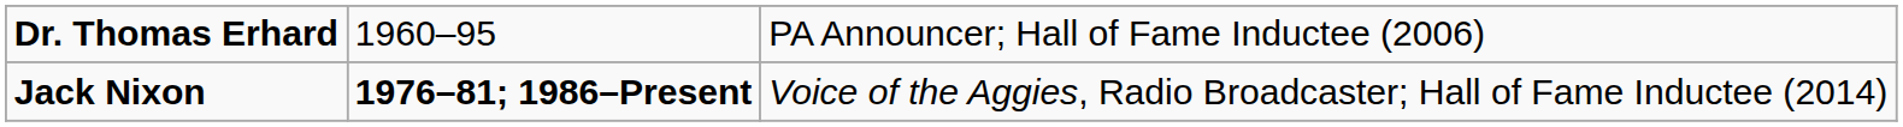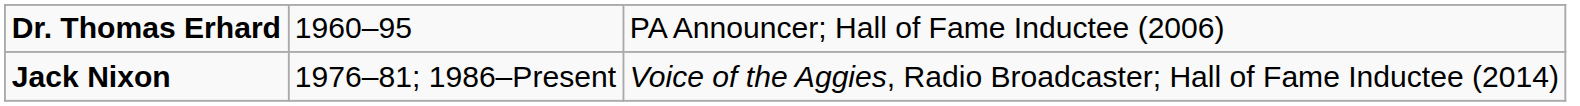 <table class=wikitable>
 <tr>
 <td><strong>Dr. Thomas Erhard</strong></td>
 <td>1960–95</td>
 <td>PA Announcer; Hall of Fame Inductee (2006)</td>
 </tr>
 <tr>
 <td><strong>Jack Nixon</strong></td>
-<td><strong>1976–81; 1986–Present</strong></td>
+<td>1976–81; 1986–Present</td>
 <td><em>Voice of the Aggies</em>, Radio Broadcaster; Hall of Fame Inductee (2014)</td>
 </tr>
 </table>
